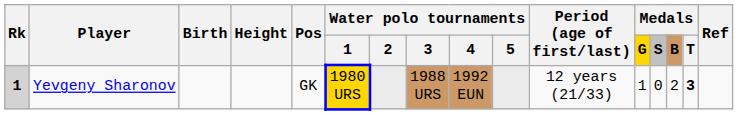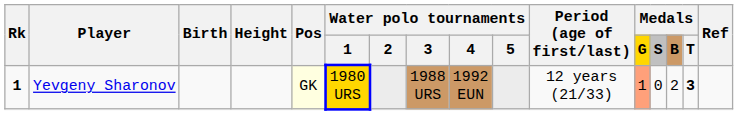 <table class="wikitable sortable" style="text-align: center; font-size: 90%; margin-left: 1em;">
 <tr>
 <th rowspan="2">Rk</th>
 <th rowspan="2">Player</th>
 <th rowspan="2">Birth</th>
 <th rowspan="2">Height</th>
 <th rowspan="2">Pos</th>
 <th colspan="5">Water polo tournaments</th>
 <th rowspan="2">Period<br>(age of<br>first/last)</th>
 <th colspan="4">Medals</th>
 <th rowspan="2" class="unsortable">Ref</th>
 </tr>
 <tr>
 <th>1</th>
 <th style="width: 2em;" class="unsortable">2</th>
 <th style="width: 2em;" class="unsortable">3</th>
 <th style="width: 2em;" class="unsortable">4</th>
 <th style="width: 2em;" class="unsortable">5</th>
 <th style="background-color: gold;">G</th>
 <th style="background-color: silver;">S</th>
 <th style="background-color: #cc9966;">B</th>
 <th>T</th>
 </tr>
 <tr>
-<td style="background: lightgrey;"><strong>1</strong></td>
+<td><strong>1</strong></td>
 <td style="text-align: left;" data-sort-value="Sharonov, Yevgeny"><a href='#'>Yevgeny Sharonov</a></td>
 <td></td>
 <td></td>
-<td>GK</td>
+<td style="background: lightyellow;">GK</td>
 <td style="border: 2px solid blue; background-color: gold;">1980<br>URS</td>
 <td style="background-color: #ececec;"></td>
 <td style="background-color: #cc9966;">1988<br>URS</td>
 <td style="background-color: #cc9966;">1992<br>EUN</td>
 <td style="background-color: #ececec;"></td>
 <td>12 years<br>(21/33)</td>
-<td>1</td>
+<td style="background: lightsalmon;">1</td>
 <td>0</td>
 <td>2</td>
 <td><strong>3</strong></td>
 <td></td>
 </tr>
 </table>
